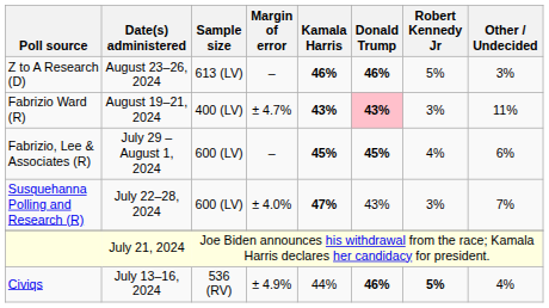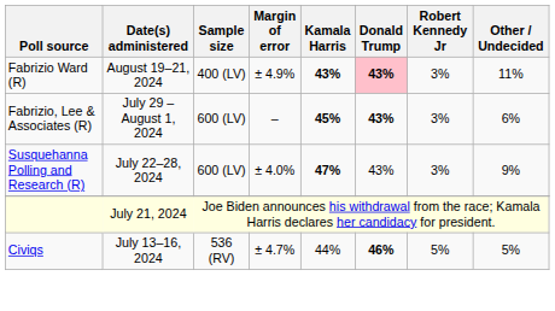 <table class="wikitable sortable mw-datatable" style="font-size:90%;text-align:center;line-height:17px">
 <tr valign=bottom>
 <th>Poll source</th>
 <th>Date(s)<br>administered</th>
 <th>Sample<br>size</th>
 <th>Margin<br>of error</th>
 <th class="unsortable">Kamala<br>Harris<br></th>
 <th class="unsortable">Donald<br>Trump<br></th>
 <th class="unsortable">Robert<br>Kennedy Jr<br></th>
 <th class="unsortable">Other /<br>Undecided</th>
 </tr>
 <tr>
-<td style="text-align:left;">Z to A Research (D)</td>
-<td data-sort-value="2024-08-19">August 23–26, 2024</td>
-<td>613 (LV)</td>
-<td>–</td>
-<td><strong>46%</strong></td>
-<td><strong>46%</strong></td>
-<td>5%</td>
-<td>3%</td>
-</tr>
-<tr>
 <td style="text-align:left;">Fabrizio Ward (R)</td>
 <td data-sort-value="2024-08-23">August 19–21, 2024</td>
 <td>400 (LV)</td>
-<td>± 4.7%</td>
+<td>± 4.9%</td>
 <td><strong>43%</strong></td>
 <td style="background: pink;"><strong>43%</strong></td>
 <td>3%</td>
 <td>11%</td>
 </tr>
 <tr>
 <td style="text-align:left;">Fabrizio, Lee & Associates (R)</td>
 <td data-sort-value="2024-08-01">July 29 – August 1, 2024</td>
 <td>600 (LV)</td>
 <td>–</td>
 <td><strong>45%</strong></td>
-<td><strong>45%</strong></td>
-<td>4%</td>
+<td><strong>43%</strong></td>
+<td>3%</td>
 <td>6%</td>
 </tr>
 <tr>
 <td style="text-align:left;"><a href='#'>Susquehanna Polling and Research (R)</a></td>
 <td data-sort-value="2024-07-28">July 22–28, 2024</td>
 <td>600 (LV)</td>
 <td>± 4.0%</td>
 <td style="color:black;background-color:"><strong>47%</strong></td>
 <td>43%</td>
 <td>3%</td>
-<td>7%</td>
+<td>9%</td>
 </tr>
 <tr>
 </tr>
 <tr style="background:lightyellow;">
 <td style="border-right-style:hidden; background:lightyellow;"></td>
 <td style="border-right-style:hidden; " data-sort-value="2024-07-21">July 21, 2024</td>
 <td colspan="6">Joe Biden announces <a href='#'>his withdrawal</a> from the race; Kamala Harris declares <a href='#'>her candidacy</a> for president.</td>
 </tr>
 <tr>
 <td style="text-align:left;"><a href='#'>Civiqs</a></td>
 <td data-sort-value="2024-07-19">July 13–16, 2024</td>
 <td>536 (RV)</td>
-<td>± 4.9%</td>
+<td>± 4.7%</td>
 <td>44%</td>
 <td style="background-color:"><strong>46%</strong></td>
-<td><strong>5%</strong></td>
-<td>4%</td>
+<td>5%</td>
+<td>5%</td>
 </tr>
 </table>
